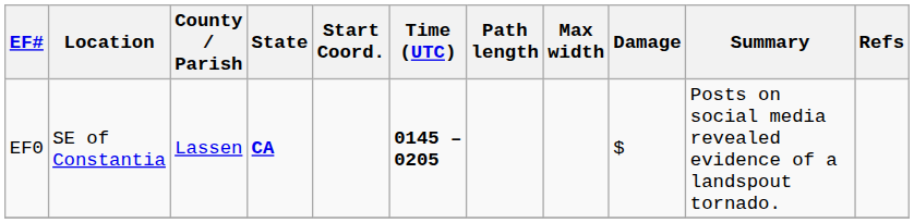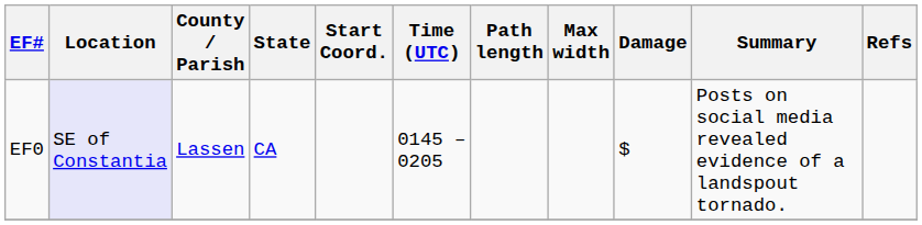 <table class="wikitable sortable" style="width:100%;">
 <tr>
 <th scope="col" width="3%" align="center"><a href='#'>EF#</a></th>
 <th scope="col" width="7%" align="center" class="unsortable">Location</th>
 <th scope="col" width="6%" align="center" class="unsortable">County / Parish</th>
 <th scope="col" width="5%" align="center">State</th>
 <th scope="col" width="6%" align="center">Start Coord.</th>
 <th scope="col" width="6%" align="center">Time (<a href='#'>UTC</a>)</th>
 <th scope="col" width="6%" align="center">Path length</th>
 <th scope="col" width="6%" align="center">Max width</th>
 <th scope="col" width="6%" align="center">Damage</th>
 <th scope="col" width="48%" class="unsortable" align="center">Summary</th>
 <th scope="col" width="48%" class="unsortable" align="center">Refs</th>
 </tr>
 <tr>
 <td>EF0</td>
-<td>SE of <a href='#'>Constantia</a></td>
+<td style="background: lavender;">SE of <a href='#'>Constantia</a></td>
 <td><a href='#'>Lassen</a></td>
-<td><strong><a href='#'>CA</a></strong></td>
+<td><a href='#'>CA</a></td>
 <td></td>
-<td><strong>0145 – 0205</strong></td>
+<td>0145 – 0205</td>
 <td></td>
 <td></td>
 <td>$</td>
 <td>Posts on social media revealed evidence of a landspout tornado.</td>
 <td></td>
 </tr>
 <tr>
 </tr>
 </table>
